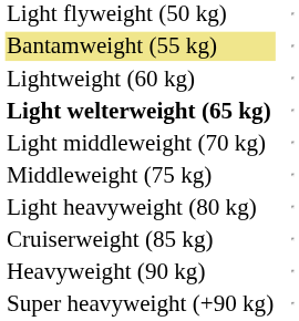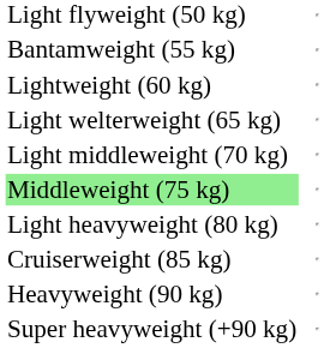 <table>
 <tr>
 <td>Light flyweight (50 kg)</td>
 <td></td>
 <td></td>
 <td><hr></td>
 </tr>
 <tr>
-<td style="background: khaki;">Bantamweight (55 kg)</td>
+<td>Bantamweight (55 kg)</td>
 <td></td>
 <td></td>
 <td><hr></td>
 </tr>
 <tr>
 <td>Lightweight (60 kg)</td>
 <td></td>
 <td></td>
 <td><hr></td>
 </tr>
 <tr>
-<td><strong>Light welterweight (65 kg)</strong></td>
+<td>Light welterweight (65 kg)</td>
 <td></td>
 <td></td>
 <td><hr></td>
 </tr>
 <tr>
 <td>Light middleweight (70 kg)</td>
 <td></td>
 <td></td>
 <td><hr></td>
 </tr>
 <tr>
-<td>Middleweight (75 kg)</td>
+<td style="background: lightgreen;">Middleweight (75 kg)</td>
 <td></td>
 <td></td>
 <td><hr></td>
 </tr>
 <tr>
 <td>Light heavyweight (80 kg)</td>
 <td></td>
 <td></td>
 <td><hr></td>
 </tr>
 <tr>
 <td>Cruiserweight (85 kg)</td>
 <td></td>
 <td></td>
 <td><hr></td>
 </tr>
 <tr>
 <td>Heavyweight (90 kg)</td>
 <td></td>
 <td></td>
 <td><hr></td>
 </tr>
 <tr>
 <td>Super heavyweight (+90 kg)</td>
 <td></td>
 <td></td>
 <td><hr></td>
 </tr>
 </table>
